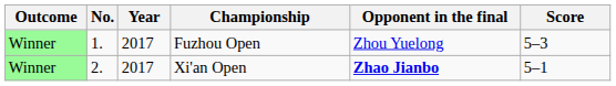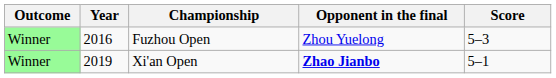 <table class="wikitable sortable">
 <tr>
 <th style="width:80px;">Outcome</th>
-<th style="width:20px;">No.</th>
 <th style="width:50px;">Year</th>
 <th style="width:200px;">Championship</th>
 <th style="width:200px;">Opponent in the final</th>
 <th style="width:100px;">Score</th>
 </tr>
 <tr>
 <td style="background:#98FB98">Winner</td>
-<td>1.</td>
-<td>2017</td>
+<td>2016</td>
 <td>Fuzhou Open</td>
 <td> <a href='#'>Zhou Yuelong</a></td>
 <td>5–3</td>
 </tr>
 <tr>
 <td style="background:#98FB98">Winner</td>
-<td>2.</td>
-<td>2017</td>
+<td>2019</td>
 <td>Xi'an Open</td>
 <td><strong> <a href='#'>Zhao Jianbo</a></strong></td>
 <td>5–1</td>
 </tr>
 </table>
